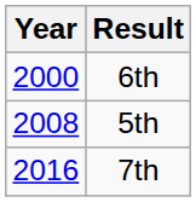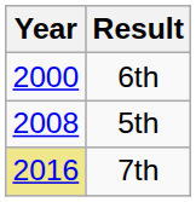 <table class="wikitable" style="text-align:center">
 <tr>
 <th>Year</th>
 <th>Result</th>
 </tr>
 <tr>
 <td><a href='#'>2000</a></td>
 <td>6th</td>
 </tr>
 <tr>
 <td><a href='#'>2008</a></td>
 <td>5th</td>
 </tr>
 <tr>
-<td><a href='#'>2016</a></td>
+<td style="background: khaki;"><a href='#'>2016</a></td>
 <td>7th</td>
 </tr>
 </table>
